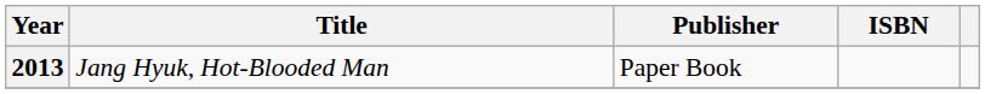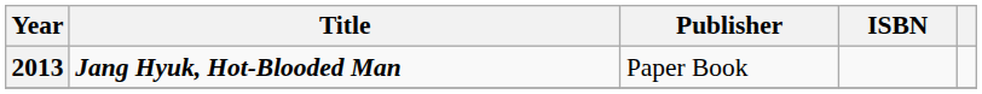 <table class="wikitable plainrowheaders sortable" style="width:600px">
 <tr>
 <th scope="col" width=10>Year</th>
 <th scope="col">Title</th>
 <th scope="col">Publisher</th>
 <th scope="col">ISBN</th>
 <th scope="col" class="unsortable"></th>
 </tr>
 <tr>
 <th scope="row">2013</th>
-<td><em>Jang Hyuk, Hot-Blooded Man</em> </td>
+<td><strong><em>Jang Hyuk, Hot-Blooded Man</em> </strong></td>
 <td>Paper Book</td>
 <td></td>
 <td></td>
 </tr>
 <tr>
 </tr>
 </table>
